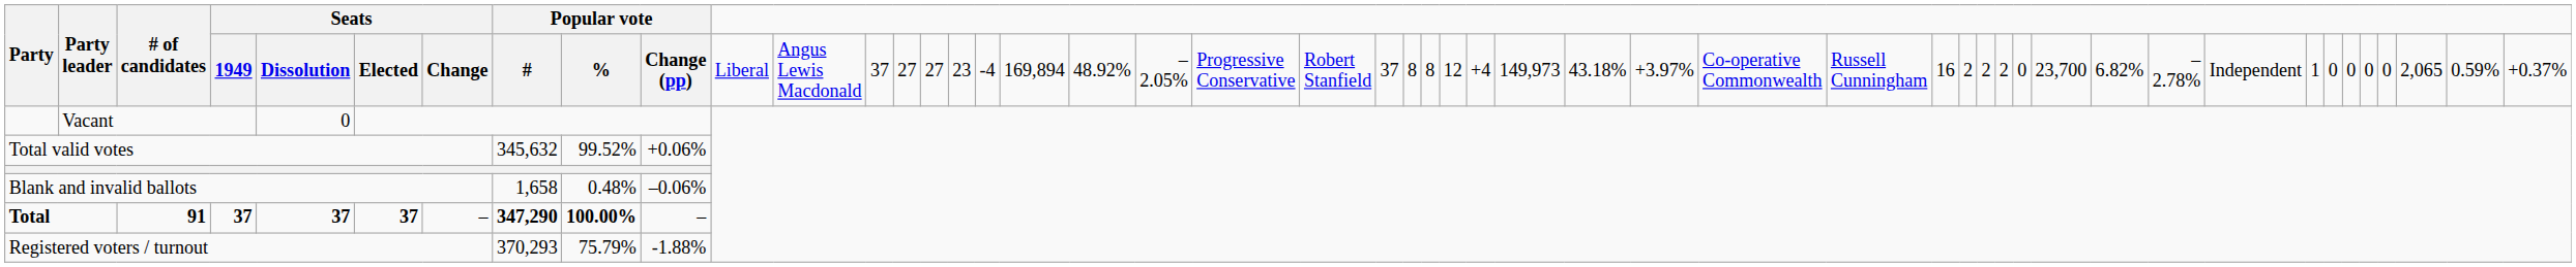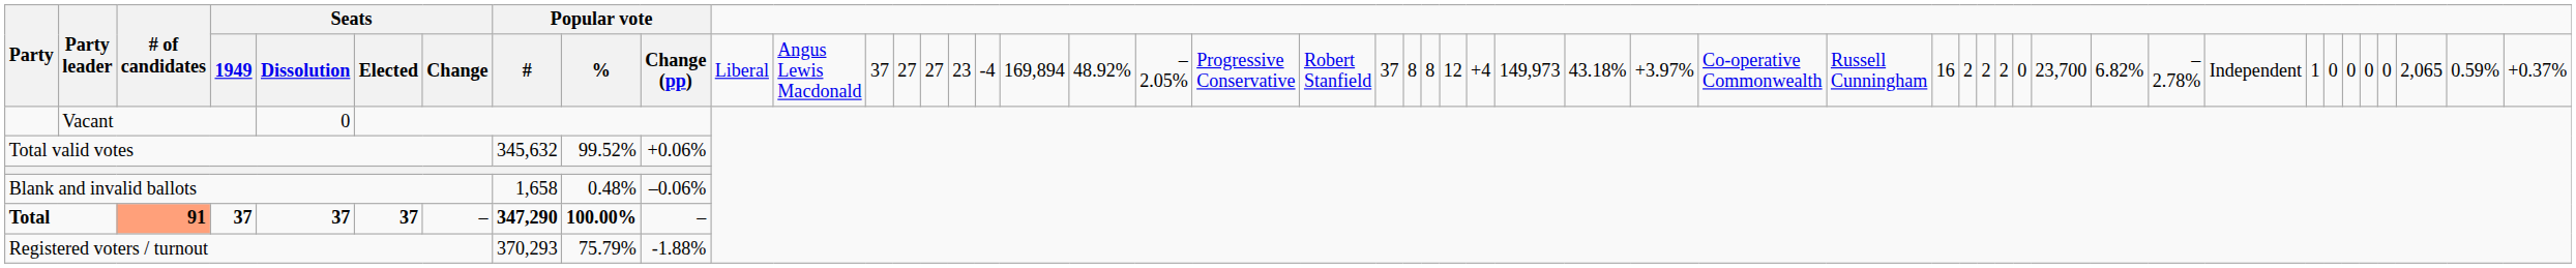 <table class="wikitable">
 <tr>
 <th rowspan="2" colspan="2">Party</th>
 <th rowspan="2">Party leader</th>
 <th rowspan="2"># of<br>candidates</th>
 <th colspan="4">Seats</th>
 <th colspan="3">Popular vote</th>
 </tr>
 <tr>
 <th><a href='#'>1949</a></th>
 <th><span><a href='#'>Dissolution</a></span></th>
 <th>Elected</th>
 <th>Change</th>
 <th>#</th>
 <th>%</th>
 <th>Change (<a href='#'>pp</a>)<br></th>
 <td><a href='#'>Liberal</a></td>
 <td><a href='#'>Angus Lewis Macdonald</a></td>
 <td align="right">37</td>
 <td align="right">27</td>
 <td align="right">27</td>
 <td align="right">23</td>
 <td align="right">-4</td>
 <td align="right">169,894</td>
 <td align="right">48.92%</td>
 <td align="right">–2.05%<br></td>
 <td><a href='#'>Progressive Conservative</a></td>
 <td><a href='#'>Robert Stanfield</a></td>
 <td align="right">37</td>
 <td align="right">8</td>
 <td align="right">8</td>
 <td align="right">12</td>
 <td align="right">+4</td>
 <td align="right">149,973</td>
 <td align="right">43.18%</td>
 <td align="right">+3.97%<br></td>
 <td><a href='#'>Co-operative Commonwealth</a></td>
 <td><a href='#'>Russell Cunningham</a></td>
 <td align="right">16</td>
 <td align="right">2</td>
 <td align="right">2</td>
 <td align="right">2</td>
 <td align="right">0</td>
 <td align="right">23,700</td>
 <td align="right">6.82%</td>
 <td align="right">–2.78%<br></td>
 <td colspan=2>Independent</td>
 <td align="right">1</td>
 <td align="right">0</td>
 <td align="right">0</td>
 <td align="right">0</td>
 <td align="right">0</td>
 <td align="right">2,065</td>
 <td align="right">0.59%</td>
 <td align="right">+0.37%</td>
 </tr>
 <tr>
 <td> </td>
 <td colspan=4>Vacant</td>
 <td align="right">0</td>
 <td colspan=5> </td>
 </tr>
 <tr>
 <td colspan="8">Total valid votes</td>
 <td align="right">345,632</td>
 <td align="right">99.52%</td>
 <td align="right">+0.06%</td>
 </tr>
 <tr>
 <th colspan="11"></th>
 </tr>
 <tr>
 <td colspan="8">Blank and invalid ballots</td>
 <td align="right">1,658</td>
 <td align="right">0.48%</td>
 <td align="right">–0.06%</td>
 </tr>
 <tr>
 <td colspan=3><strong>Total</strong></td>
-<td align="right"><strong>91</strong></td>
+<td align="right" style="background: lightsalmon;"><strong>91</strong></td>
 <td align="right"><strong>37</strong></td>
 <td align="right"><strong>37</strong></td>
 <td align="right"><strong>37</strong></td>
 <td align="right">–</td>
 <td align="right"><strong>347,290</strong></td>
 <td align="right"><strong>100.00%</strong></td>
 <td align="right">–</td>
 </tr>
 <tr>
 <td colspan="8">Registered voters / turnout</td>
 <td align="right">370,293</td>
 <td align="right">75.79%</td>
 <td align="right">-1.88%</td>
 </tr>
 </table>
